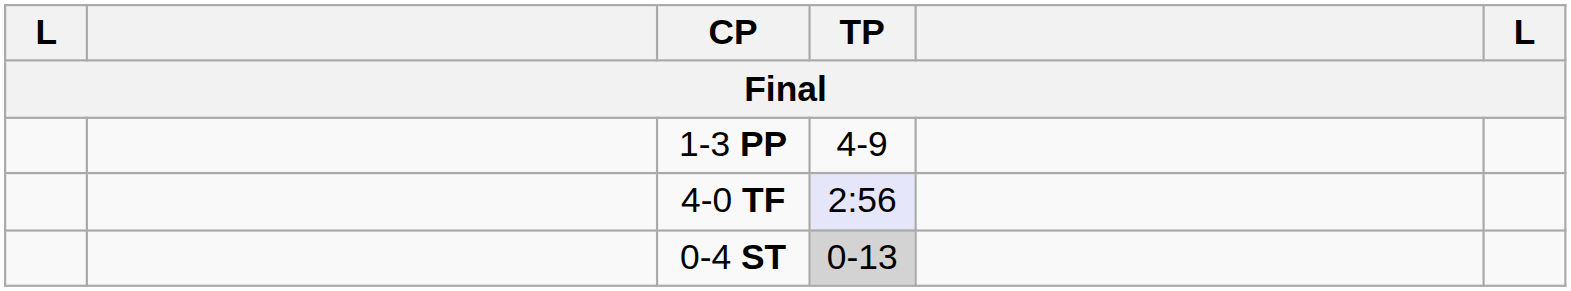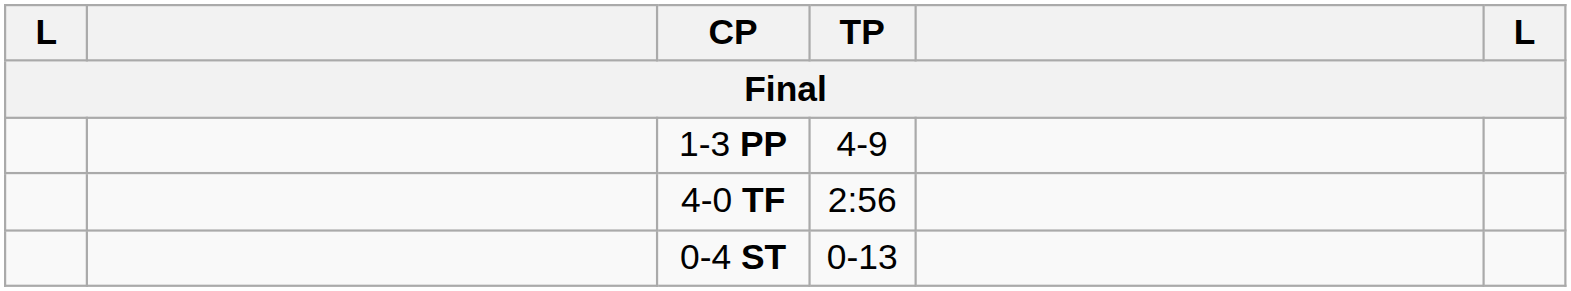 <table class="wikitable" style="text-align: center;" |>
 <tr>
 <th width="30">L</th>
 <th width="250"></th>
 <th width="62">CP</th>
 <th width="40">TP</th>
 <th width="250"></th>
 <th width="30">L</th>
 </tr>
 <tr>
 <th colspan="7">Final</th>
 </tr>
 <tr>
 <td></td>
 <td style="text-align:left;"></td>
 <td>1-3 <strong>PP</strong></td>
 <td>4-9</td>
 <td style="text-align:left;"><strong></strong></td>
 <td></td>
 </tr>
 <tr>
 <td></td>
 <td style="text-align:left;"><strong></strong></td>
 <td>4-0 <strong>TF</strong></td>
-<td style="background: lavender;">2:56</td>
+<td>2:56</td>
 <td style="text-align:left;"></td>
 <td></td>
 </tr>
 <tr>
 <td></td>
 <td style="text-align:left;"></td>
 <td>0-4 <strong>ST</strong></td>
-<td style="background: lightgrey;">0-13</td>
+<td>0-13</td>
 <td style="text-align:left;"><strong></strong></td>
 <td></td>
 </tr>
 </table>
